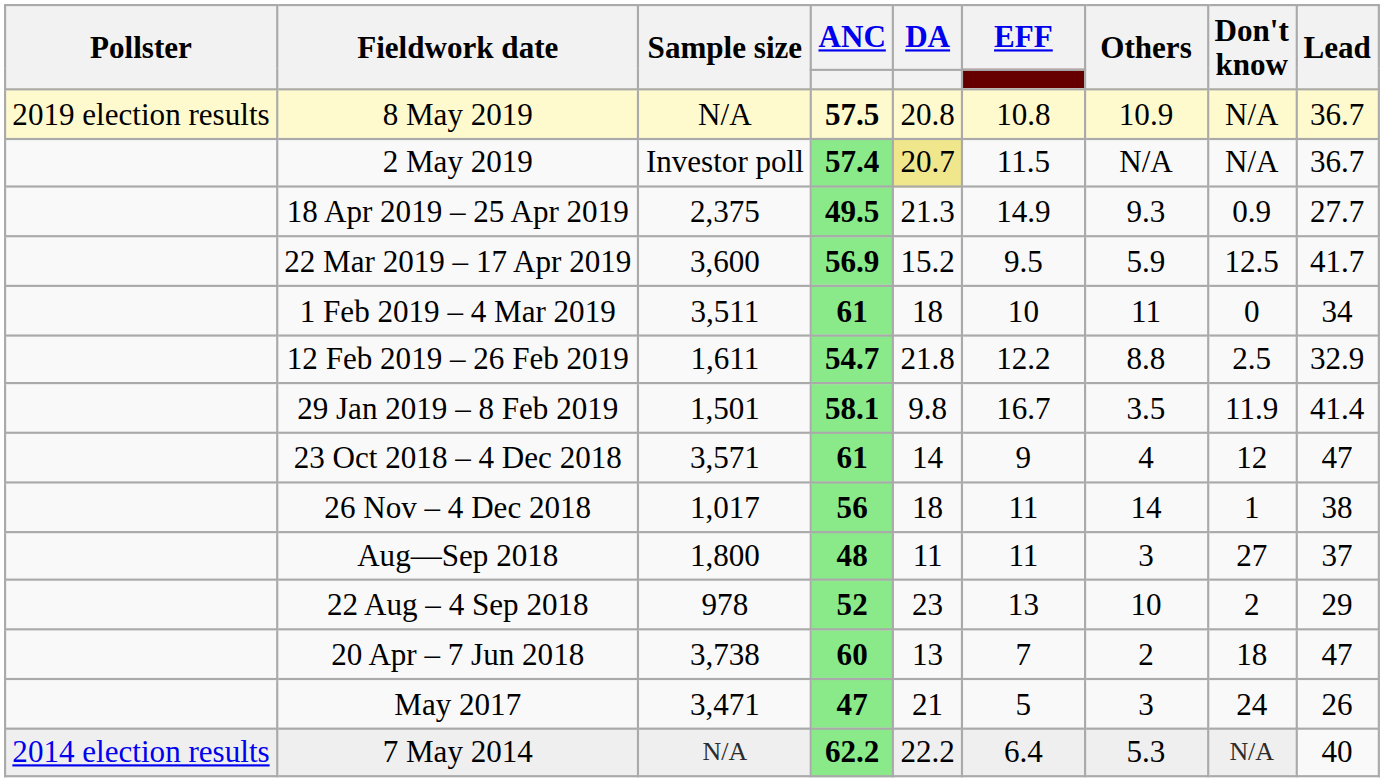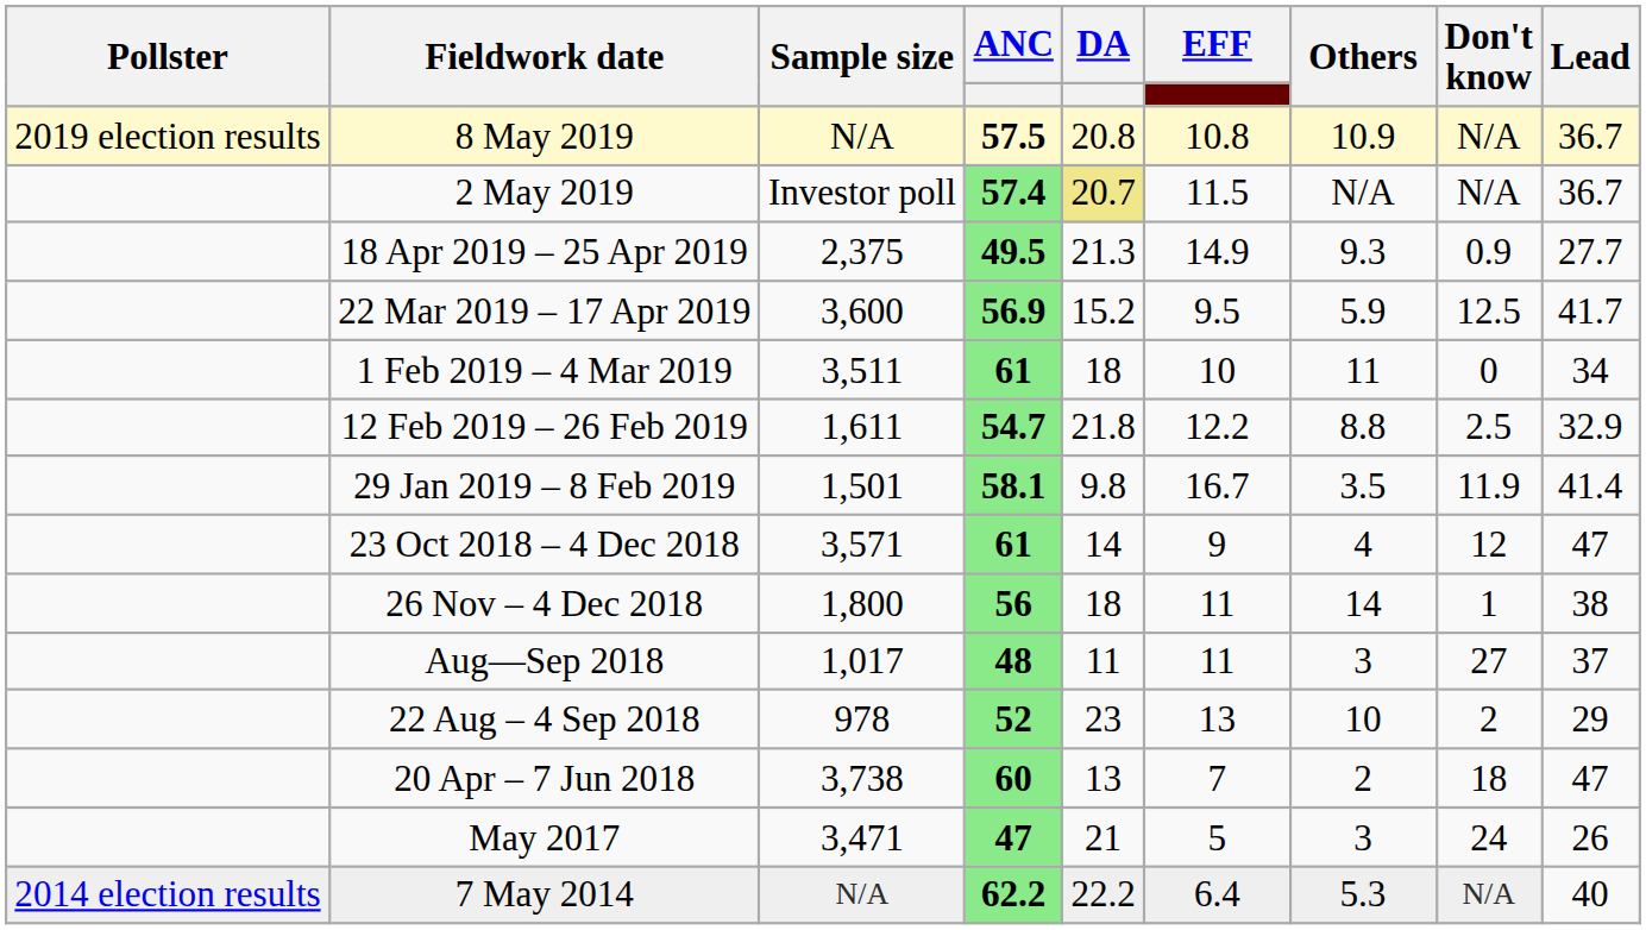 <table class="wikitable" style="text-align:center; font-size:90%; line-height:16px;">
 <tr>
 <th rowspan="2">Pollster</th>
 <th rowspan="2">Fieldwork date</th>
 <th rowspan="2">Sample size</th>
 <th><a href='#'>ANC</a></th>
 <th><a href='#'>DA</a></th>
 <th><a href='#'>EFF</a></th>
 <th rowspan="2" style="width:50px;">Others</th>
 <th rowspan="2">Don't<br>know</th>
 <th rowspan="2">Lead</th>
 </tr>
 <tr>
 <th style="background:"></th>
 <th style="background:"></th>
 <th style="background:#600; width:50px;"></th>
 </tr>
 <tr style="background:#FFFACD">
 <td>2019 election results</td>
 <td>8 May 2019</td>
 <td>N/A</td>
 <td><strong>57.5</strong></td>
 <td>20.8</td>
 <td>10.8</td>
 <td>10.9</td>
 <td>N/A</td>
 <td style="background:">36.7</td>
 </tr>
 <tr>
 <td></td>
 <td>2 May 2019</td>
 <td>Investor poll</td>
 <td style="background:#8AEA8A;"><strong>57.4</strong></td>
 <td style="background: khaki;">20.7</td>
 <td>11.5</td>
 <td>N/A</td>
 <td>N/A</td>
 <td style="background:">36.7</td>
 </tr>
 <tr>
 <td></td>
 <td>18 Apr 2019 – 25 Apr 2019</td>
 <td>2,375</td>
 <td style="background:#8AEA8A;"><strong>49.5</strong></td>
 <td>21.3</td>
 <td>14.9</td>
 <td>9.3</td>
 <td>0.9</td>
 <td style="background:">27.7</td>
 </tr>
 <tr>
 <td></td>
 <td>22 Mar 2019 – 17 Apr 2019</td>
 <td>3,600</td>
 <td style="background:#8AEA8A;"><strong>56.9</strong></td>
 <td>15.2</td>
 <td>9.5</td>
 <td>5.9</td>
 <td>12.5</td>
 <td style="background:">41.7</td>
 </tr>
 <tr>
 <td></td>
 <td>1 Feb 2019 – 4 Mar 2019</td>
 <td>3,511</td>
 <td style="background:#8AEA8A;"><strong>61</strong></td>
 <td>18</td>
 <td>10</td>
 <td>11</td>
 <td>0</td>
 <td style="background:">34</td>
 </tr>
 <tr>
 <td></td>
 <td>12 Feb 2019 – 26 Feb 2019</td>
 <td>1,611</td>
 <td style="background:#8AEA8A;"><strong>54.7</strong></td>
 <td>21.8</td>
 <td>12.2</td>
 <td>8.8</td>
 <td>2.5</td>
 <td style="background:">32.9</td>
 </tr>
 <tr>
 <td></td>
 <td>29 Jan 2019 – 8 Feb 2019</td>
 <td>1,501</td>
 <td style="background:#8AEA8A;"><strong>58.1</strong></td>
 <td>9.8</td>
 <td>16.7</td>
 <td>3.5</td>
 <td>11.9</td>
 <td style="background:">41.4</td>
 </tr>
 <tr>
 <td></td>
 <td>23 Oct 2018 – 4 Dec 2018</td>
 <td>3,571</td>
 <td style="background:#8AEA8A;"><strong>61</strong></td>
 <td>14</td>
 <td>9</td>
 <td>4</td>
 <td>12</td>
 <td style="background:">47</td>
 </tr>
 <tr>
 <td></td>
 <td>26 Nov – 4 Dec 2018</td>
-<td>1,017</td>
+<td>1,800</td>
 <td style="background:#8AEA8A;"><strong>56</strong></td>
 <td>18</td>
 <td>11</td>
 <td>14</td>
 <td>1</td>
 <td style="background:">38</td>
 </tr>
 <tr>
 <td></td>
 <td>Aug—Sep 2018</td>
-<td>1,800</td>
+<td>1,017</td>
 <td style="background:#8AEA8A;"><strong>48</strong></td>
 <td>11</td>
 <td>11</td>
 <td>3</td>
 <td>27</td>
 <td style="background:">37</td>
 </tr>
 <tr>
 <td></td>
 <td>22 Aug – 4 Sep 2018</td>
 <td>978</td>
 <td style="background:#8AEA8A;"><strong>52</strong></td>
 <td>23</td>
 <td>13</td>
 <td>10</td>
 <td>2</td>
 <td style="background:">29</td>
 </tr>
 <tr>
 <td></td>
 <td>20 Apr – 7 Jun 2018</td>
 <td>3,738</td>
 <td style="background:#8AEA8A;"><strong>60</strong></td>
 <td>13</td>
 <td>7</td>
 <td>2</td>
 <td>18</td>
 <td style="background:">47</td>
 </tr>
 <tr>
 <td></td>
 <td>May 2017</td>
 <td>3,471</td>
 <td style="background:#8AEA8A;"><strong>47</strong></td>
 <td>21</td>
 <td>5</td>
 <td>3</td>
 <td>24</td>
 <td style="background:">26</td>
 </tr>
 <tr>
 <td style="background:#EFEFEF;"><a href='#'>2014 election results</a></td>
 <td style="background:#EFEFEF;">7 May 2014</td>
 <td style="background:#EFEFEF; color:#2C2C2C; vertical-align:middle; font-size:smaller; text-align:center;">N/A</td>
 <td style="background:#8AEA8A;"><strong>62.2</strong></td>
 <td style="background:#EFEFEF;">22.2</td>
 <td style="background:#EFEFEF;">6.4</td>
 <td style="background:#EFEFEF;">5.3</td>
 <td style="background:#EFEFEF; color: #2C2C2C; vertical-align: middle; font-size: smaller; text-align: center;">N/A</td>
 <td style="background:">40</td>
 </tr>
 </table>
